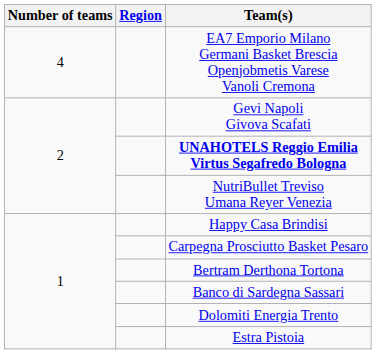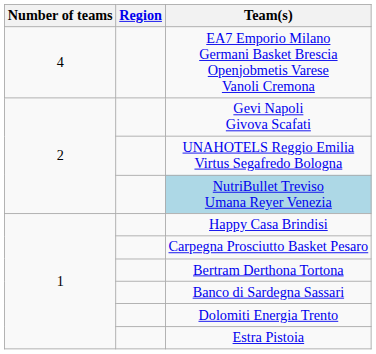 <table class="wikitable" style="text-align:center">
 <tr>
 <th>Number of teams</th>
 <th><a href='#'>Region</a></th>
 <th>Team(s)</th>
 </tr>
 <tr>
 <td>4</td>
 <td style="text-align:left"></td>
 <td><a href='#'>EA7 Emporio Milano</a><br><a href='#'>Germani Basket Brescia</a><br><a href='#'>Openjobmetis Varese</a><br><a href='#'>Vanoli Cremona</a></td>
 </tr>
 <tr>
 <td rowspan="3">2</td>
 <td style="text-align:left"></td>
 <td><a href='#'>Gevi Napoli</a><br><a href='#'>Givova Scafati</a></td>
 </tr>
 <tr>
 <td style="text-align:left"></td>
-<td><strong><a href='#'>UNAHOTELS Reggio Emilia</a><br><a href='#'>Virtus Segafredo Bologna</a></strong></td>
+<td><a href='#'>UNAHOTELS Reggio Emilia</a><br><a href='#'>Virtus Segafredo Bologna</a></td>
 </tr>
 <tr>
 <td style="text-align:left"></td>
-<td><a href='#'>NutriBullet Treviso</a><br><a href='#'>Umana Reyer Venezia</a></td>
+<td style="background: lightblue;"><a href='#'>NutriBullet Treviso</a><br><a href='#'>Umana Reyer Venezia</a></td>
 </tr>
 <tr>
 <td rowspan="6">1</td>
 <td style="text-align:left"></td>
 <td><a href='#'>Happy Casa Brindisi</a></td>
 </tr>
 <tr>
 <td style="text-align:left"></td>
 <td><a href='#'>Carpegna Prosciutto Basket Pesaro</a></td>
 </tr>
 <tr>
 <td style="text-align:left"></td>
 <td><a href='#'>Bertram Derthona Tortona</a></td>
 </tr>
 <tr>
 <td style="text-align:left"></td>
 <td><a href='#'>Banco di Sardegna Sassari</a></td>
 </tr>
 <tr>
 <td style="text-align:left"></td>
 <td><a href='#'>Dolomiti Energia Trento</a></td>
 </tr>
 <tr>
 <td style="text-align:left"></td>
 <td><a href='#'>Estra Pistoia</a></td>
 </tr>
 </table>
